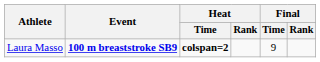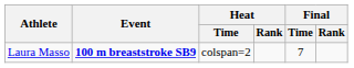 <table class=wikitable style=font-size:90%;text-align:center>
 <tr>
 <th rowspan=2>Athlete</th>
 <th rowspan=2>Event</th>
 <th colspan=2>Heat</th>
 <th colspan=2>Final</th>
 </tr>
 <tr style=font-size:95%>
 <th>Time</th>
 <th>Rank</th>
 <th>Time</th>
 <th>Rank</th>
 </tr>
 <tr align=center>
 <td align=left><a href='#'>Laura Masso</a></td>
 <td align=left><strong><a href='#'>100 m breaststroke SB9</a></strong></td>
-<td><strong>colspan=2 </strong></td>
+<td>colspan=2 </td>
 <td></td>
-<td>9</td>
+<td>7</td>
 </tr>
 </table>
